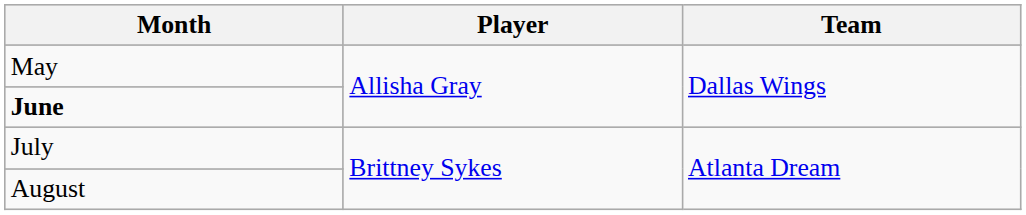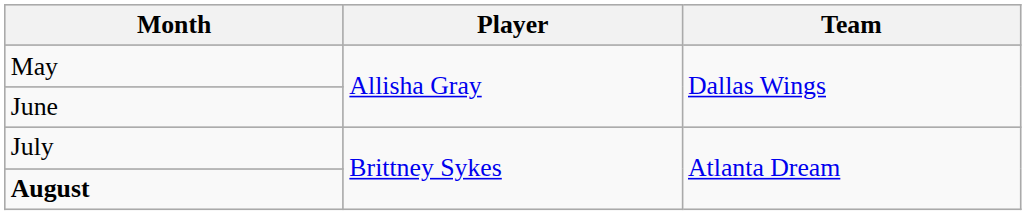 <table class="wikitable" style="width: 50%">
 <tr>
 <th width=60>Month</th>
 <th width=60>Player</th>
 <th width=60>Team</th>
 </tr>
 <tr>
 <td>May</td>
 <td rowspan="2"><a href='#'>Allisha Gray</a> </td>
 <td rowspan="2"><a href='#'>Dallas Wings</a></td>
 </tr>
 <tr>
-<td><strong>June</strong></td>
+<td>June</td>
 </tr>
 <tr>
 <td>July</td>
 <td rowspan="2"><a href='#'>Brittney Sykes</a> </td>
 <td rowspan="2"><a href='#'>Atlanta Dream</a></td>
 </tr>
 <tr>
-<td>August</td>
+<td><strong>August</strong></td>
 </tr>
 </table>
